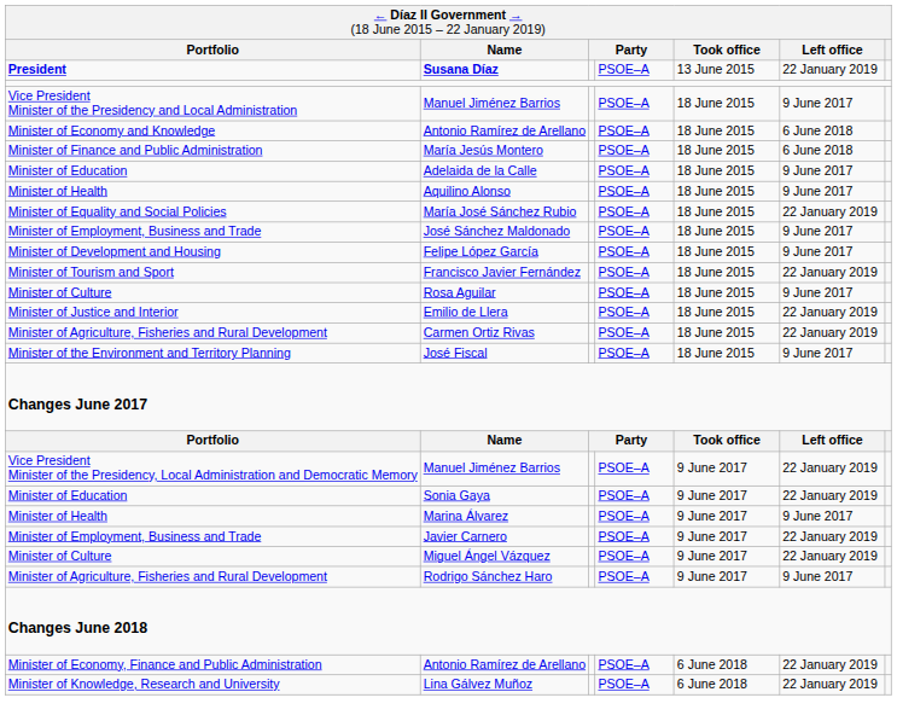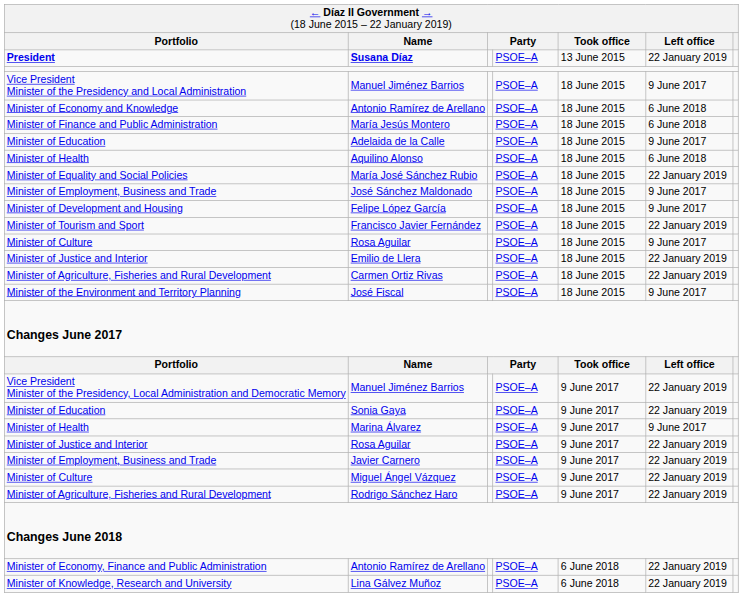 <table class="wikitable">
 <tr>
 <td colspan="7" bgcolor="#F2F2F2" align="center"><a href='#'>←</a> <strong>Díaz II Government</strong> <a href='#'>→</a><br>(18 June 2015 – 22 January 2019)</td>
 </tr>
 <tr>
 <th>Portfolio</th>
 <th>Name</th>
 <th width="100px" colspan="2">Party</th>
 <th width="125px">Took office</th>
 <th width="125px">Left office</th>
 <th></th>
 </tr>
 <tr>
 <td><strong><a href='#'>President</a></strong></td>
 <td><strong><a href='#'>Susana Díaz</a></strong></td>
 <td width="1" style="background-color:"></td>
 <td><a href='#'>PSOE–A</a></td>
 <td>13 June 2015</td>
 <td>22 January 2019</td>
 <td align="center"></td>
 </tr>
 <tr>
 <td colspan="7"></td>
 </tr>
 <tr>
 <td><a href='#'>Vice President<br>Minister of the Presidency and Local Administration</a></td>
 <td><a href='#'>Manuel Jiménez Barrios</a></td>
 <td style="background-color:"></td>
 <td><a href='#'>PSOE–A</a></td>
 <td>18 June 2015</td>
 <td>9 June 2017</td>
 <td align="center"><br></td>
 </tr>
 <tr>
 <td><a href='#'>Minister of Economy and Knowledge</a></td>
 <td><a href='#'>Antonio Ramírez de Arellano</a></td>
 <td style="background-color:"></td>
 <td><a href='#'>PSOE–A</a> </td>
 <td>18 June 2015</td>
 <td>6 June 2018</td>
 <td align="center"></td>
 </tr>
 <tr>
 <td><a href='#'>Minister of Finance and Public Administration</a></td>
 <td><a href='#'>María Jesús Montero</a></td>
 <td style="background-color:"></td>
 <td><a href='#'>PSOE–A</a></td>
 <td>18 June 2015</td>
 <td>6 June 2018</td>
 <td align="center"></td>
 </tr>
 <tr>
 <td><a href='#'>Minister of Education</a></td>
 <td><a href='#'>Adelaida de la Calle</a></td>
 <td style="background-color:"></td>
 <td><a href='#'>PSOE–A</a> </td>
 <td>18 June 2015</td>
 <td>9 June 2017</td>
 <td align="center"></td>
 </tr>
 <tr>
 <td><a href='#'>Minister of Health</a></td>
 <td><a href='#'>Aquilino Alonso</a></td>
 <td style="background-color:"></td>
 <td><a href='#'>PSOE–A</a></td>
 <td>18 June 2015</td>
-<td>9 June 2017</td>
+<td>6 June 2018</td>
 <td align="center"></td>
 </tr>
 <tr>
 <td><a href='#'>Minister of Equality and Social Policies</a></td>
 <td><a href='#'>María José Sánchez Rubio</a></td>
 <td style="background-color:"></td>
 <td><a href='#'>PSOE–A</a></td>
 <td>18 June 2015</td>
 <td>22 January 2019</td>
 <td align="center"></td>
 </tr>
 <tr>
 <td><a href='#'>Minister of Employment, Business and Trade</a></td>
 <td><a href='#'>José Sánchez Maldonado</a></td>
 <td style="background-color:"></td>
 <td><a href='#'>PSOE–A</a></td>
 <td>18 June 2015</td>
 <td>9 June 2017</td>
 <td align="center"></td>
 </tr>
 <tr>
 <td><a href='#'>Minister of Development and Housing</a></td>
 <td><a href='#'>Felipe López García</a></td>
 <td style="background-color:"></td>
 <td><a href='#'>PSOE–A</a></td>
 <td>18 June 2015</td>
 <td>9 June 2017</td>
 <td align="center"></td>
 </tr>
 <tr>
 <td><a href='#'>Minister of Tourism and Sport</a></td>
 <td><a href='#'>Francisco Javier Fernández</a></td>
 <td style="background-color:"></td>
 <td><a href='#'>PSOE–A</a></td>
 <td>18 June 2015</td>
 <td>22 January 2019</td>
 <td align="center"></td>
 </tr>
 <tr>
 <td><a href='#'>Minister of Culture</a></td>
 <td><a href='#'>Rosa Aguilar</a></td>
 <td style="background-color:"></td>
 <td><a href='#'>PSOE–A</a></td>
 <td>18 June 2015</td>
 <td>9 June 2017</td>
 <td align="center"></td>
 </tr>
 <tr>
 <td><a href='#'>Minister of Justice and Interior</a></td>
 <td><a href='#'>Emilio de Llera</a></td>
 <td style="background-color:"></td>
 <td><a href='#'>PSOE–A</a> </td>
 <td>18 June 2015</td>
 <td>22 January 2019</td>
 <td align="center"></td>
 </tr>
 <tr>
 <td><a href='#'>Minister of Agriculture, Fisheries and Rural Development</a></td>
 <td><a href='#'>Carmen Ortiz Rivas</a></td>
 <td style="background-color:"></td>
 <td><a href='#'>PSOE–A</a></td>
 <td>18 June 2015</td>
 <td>22 January 2019</td>
 <td align="center"></td>
 </tr>
 <tr>
 <td><a href='#'>Minister of the Environment and Territory Planning</a></td>
 <td><a href='#'>José Fiscal</a></td>
 <td style="background-color:"></td>
 <td><a href='#'>PSOE–A</a></td>
 <td>18 June 2015</td>
 <td>9 June 2017</td>
 <td align="center"></td>
 </tr>
 <tr>
 <td colspan="7"><br><h3>Changes June 2017</h3></td>
 </tr>
 <tr>
 <th>Portfolio</th>
 <th>Name</th>
 <th colspan="2">Party</th>
 <th>Took office</th>
 <th>Left office</th>
 <th></th>
 </tr>
 <tr>
 <td><a href='#'>Vice President<br>Minister of the Presidency, Local Administration and Democratic Memory</a></td>
 <td><a href='#'>Manuel Jiménez Barrios</a></td>
 <td style="background-color:"></td>
 <td><a href='#'>PSOE–A</a></td>
 <td>9 June 2017</td>
 <td>22 January 2019</td>
 <td align="center"></td>
 </tr>
 <tr>
 <td><a href='#'>Minister of Education</a></td>
 <td><a href='#'>Sonia Gaya</a></td>
 <td style="background-color:"></td>
 <td><a href='#'>PSOE–A</a></td>
 <td>9 June 2017</td>
 <td>22 January 2019</td>
 <td align="center"></td>
 </tr>
 <tr>
 <td><a href='#'>Minister of Health</a></td>
 <td><a href='#'>Marina Álvarez</a></td>
 <td style="background-color:"></td>
 <td><a href='#'>PSOE–A</a> </td>
 <td>9 June 2017</td>
 <td>9 June 2017</td>
 <td align="center"></td>
 </tr>
 <tr>
+<td><a href='#'>Minister of Justice and Interior</a></td>
+<td><a href='#'>Rosa Aguilar</a></td>
+<td style="background-color:"></td>
+<td><a href='#'>PSOE–A</a></td>
+<td>9 June 2017</td>
+<td>22 January 2019</td>
+<td align="center"></td>
+</tr>
+<tr>
 <td><a href='#'>Minister of Employment, Business and Trade</a></td>
 <td><a href='#'>Javier Carnero</a></td>
 <td style="background-color:"></td>
 <td><a href='#'>PSOE–A</a></td>
 <td>9 June 2017</td>
 <td>22 January 2019</td>
 <td align="center"></td>
 </tr>
 <tr>
 <td><a href='#'>Minister of Culture</a></td>
 <td><a href='#'>Miguel Ángel Vázquez</a></td>
 <td style="background-color:"></td>
 <td><a href='#'>PSOE–A</a></td>
 <td>9 June 2017</td>
 <td>22 January 2019</td>
 <td align="center"></td>
 </tr>
 <tr>
 <td><a href='#'>Minister of Agriculture, Fisheries and Rural Development</a></td>
 <td><a href='#'>Rodrigo Sánchez Haro</a></td>
 <td style="background-color:"></td>
 <td><a href='#'>PSOE–A</a></td>
 <td>9 June 2017</td>
-<td>9 June 2017</td>
+<td>22 January 2019</td>
 <td align="center"></td>
 </tr>
 <tr>
 <td colspan="7"><br><h3>Changes June 2018</h3></td>
 </tr>
 <tr>
 <td><a href='#'>Minister of Economy, Finance and Public Administration</a></td>
 <td><a href='#'>Antonio Ramírez de Arellano</a></td>
 <td style="background-color:"></td>
 <td><a href='#'>PSOE–A</a> </td>
 <td>6 June 2018</td>
 <td>22 January 2019</td>
 <td align="center"></td>
 </tr>
 <tr>
 <td><a href='#'>Minister of Knowledge, Research and University</a></td>
 <td><a href='#'>Lina Gálvez Muñoz</a></td>
 <td style="background-color:"></td>
 <td><a href='#'>PSOE–A</a> </td>
 <td>6 June 2018</td>
 <td>22 January 2019</td>
 <td align="center"></td>
 </tr>
 </table>
